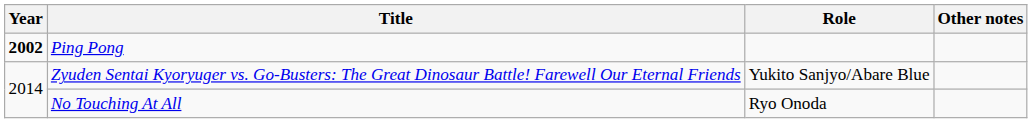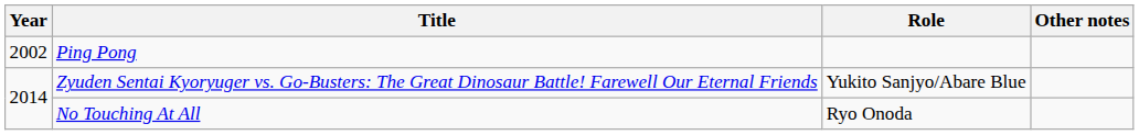 <table class="wikitable" style="font-size: 90%;">
 <tr>
 <th>Year</th>
 <th>Title</th>
 <th>Role</th>
 <th>Other notes</th>
 </tr>
 <tr>
-<td><strong>2002</strong></td>
+<td>2002</td>
 <td><em><a href='#'>Ping Pong</a></em></td>
 <td></td>
 <td></td>
 </tr>
 <tr>
 <td rowspan="2">2014</td>
 <td><em><a href='#'>Zyuden Sentai Kyoryuger vs. Go-Busters: The Great Dinosaur Battle! Farewell Our Eternal Friends</a></em></td>
 <td>Yukito Sanjyo/Abare Blue</td>
 <td></td>
 </tr>
 <tr>
 <td><em><a href='#'>No Touching At All</a></em></td>
 <td>Ryo Onoda</td>
 <td></td>
 </tr>
 </table>
